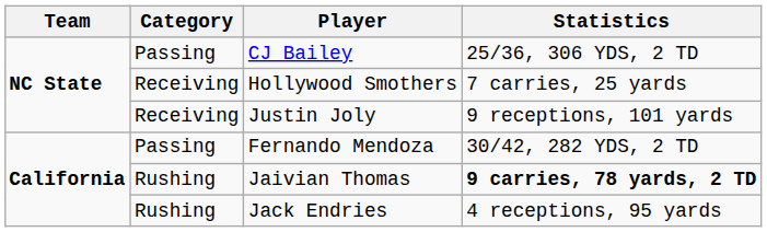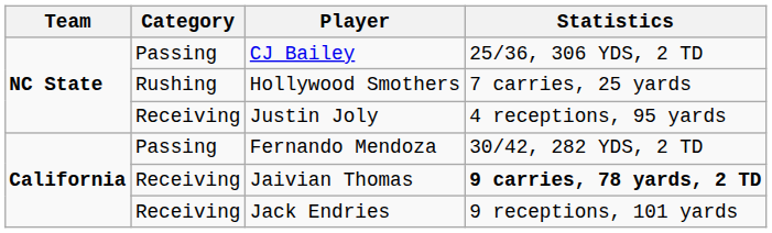 <table class="wikitable" style="float: right;">
 <tr>
 <th>Team</th>
 <th>Category</th>
 <th>Player</th>
 <th>Statistics</th>
 </tr>
 <tr>
 <td rowspan=3><strong>NC State</strong></td>
 <td>Passing</td>
 <td><a href='#'>CJ Bailey</a></td>
 <td>25/36, 306 YDS, 2 TD</td>
 </tr>
 <tr>
-<td>Receiving</td>
+<td>Rushing</td>
 <td>Hollywood Smothers</td>
 <td>7 carries, 25 yards</td>
 </tr>
 <tr>
 <td>Receiving</td>
 <td>Justin Joly</td>
-<td>9 receptions, 101 yards</td>
+<td>4 receptions, 95 yards</td>
 </tr>
 <tr>
 <td rowspan=3><strong>California</strong></td>
 <td>Passing</td>
 <td>Fernando Mendoza</td>
 <td>30/42, 282 YDS, 2 TD</td>
 </tr>
 <tr>
-<td>Rushing</td>
+<td>Receiving</td>
 <td>Jaivian Thomas</td>
 <td><strong>9 carries, 78 yards, 2 TD</strong></td>
 </tr>
 <tr>
-<td>Rushing</td>
+<td>Receiving</td>
 <td>Jack Endries</td>
-<td>4 receptions, 95 yards</td>
+<td>9 receptions, 101 yards</td>
 </tr>
 </table>
